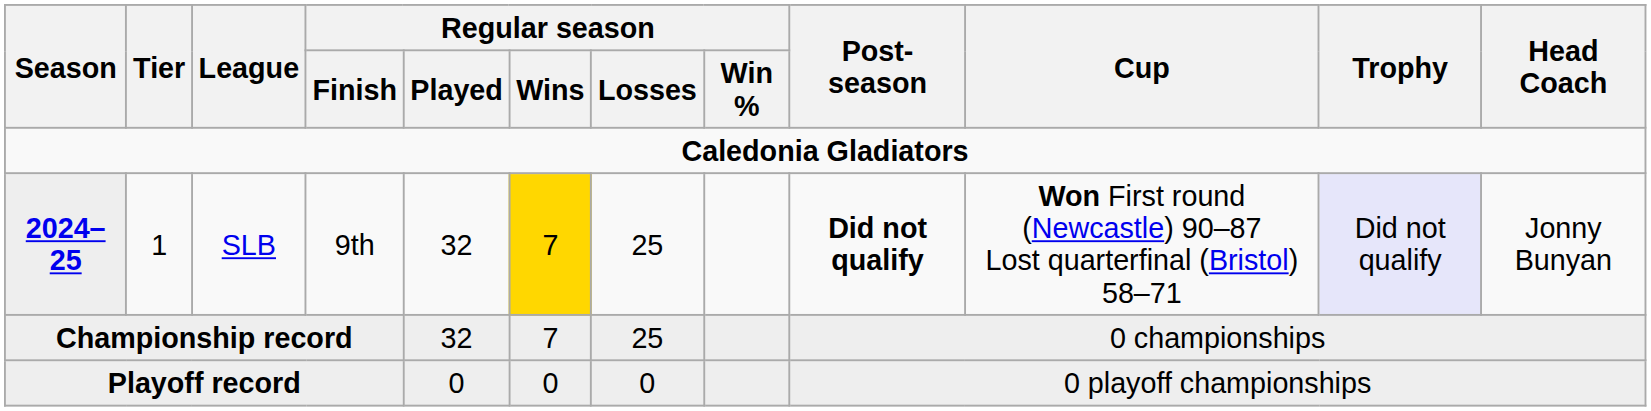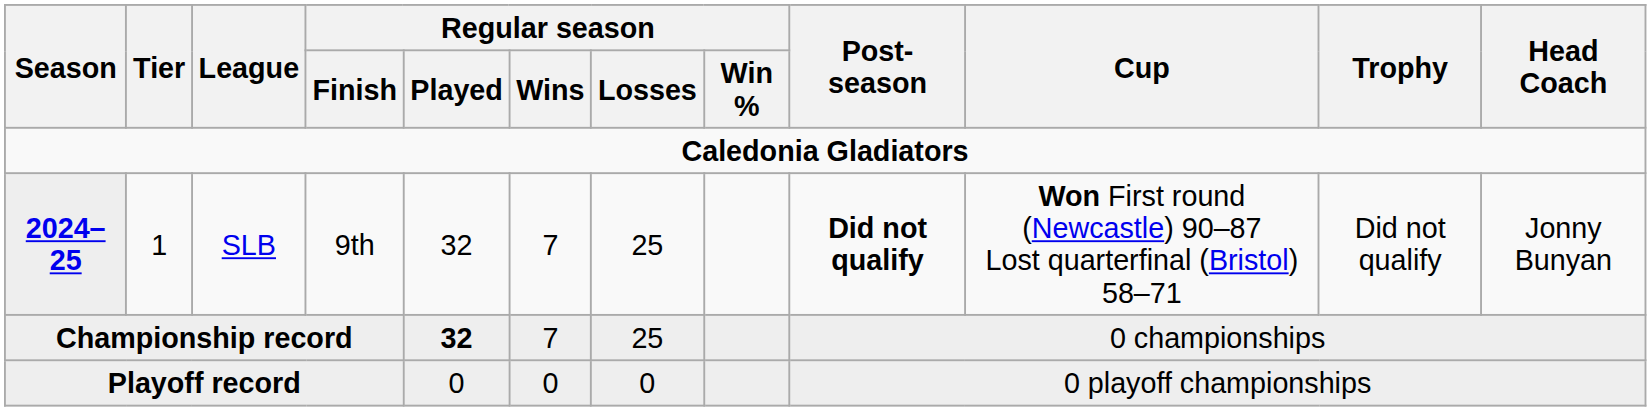 <table class="wikitable" style="font-size:95%; text-align:center">
 <tr>
 <th rowspan=2>Season</th>
 <th rowspan=2>Tier</th>
 <th rowspan=2>League</th>
 <th colspan=5>Regular season</th>
 <th rowspan=2>Post-season</th>
 <th rowspan=2>Cup</th>
 <th rowspan=2>Trophy</th>
 <th rowspan=2>Head Coach</th>
 </tr>
 <tr>
 <th>Finish</th>
 <th>Played</th>
 <th>Wins</th>
 <th>Losses</th>
 <th>Win %</th>
 </tr>
 <tr>
 <td colspan="12" align="center"><strong>Caledonia Gladiators</strong></td>
 </tr>
 <tr>
 <th style="background:#eee;"><a href='#'>2024–25</a></th>
 <td style="text-align:center;">1</td>
 <td style="text-align:center;"><a href='#'>SLB</a></td>
 <td style="text-align:center;background-color:#;">9th</td>
 <td style="text-align:center;">32</td>
-<td style="background: gold; text-align:center;">7</td>
+<td style="text-align:center;">7</td>
 <td style="text-align:center;">25</td>
 <td style="text-align:center;"></td>
 <td style="text-align:center;background-color:#;"><strong>Did not qualify</strong></td>
 <td style="text-align:center;"><strong>Won</strong> First round (<a href='#'>Newcastle</a>) 90–87<br>Lost quarterfinal (<a href='#'>Bristol</a>) 58–71</td>
-<td style="background: lavender; text-align:center;">Did not qualify</td>
+<td style="text-align:center;">Did not qualify</td>
 <td style="text-align:center;">Jonny Bunyan</td>
 </tr>
 <tr>
 <th colspan=4 style="background:#eee;">Championship record</th>
-<td style="background:#eee;">32</td>
+<td style="background:#eee;"><strong>32</strong></td>
 <td style="background:#eee;">7</td>
 <td style="background:#eee;">25</td>
 <td style="background:#eee;"></td>
 <td colspan="4" style="background:#eee;">0 championships</td>
 </tr>
 <tr>
 <th colspan=4 style="background:#eee;">Playoff record</th>
 <td style="background:#eee;">0</td>
 <td style="background:#eee;">0</td>
 <td style="background:#eee;">0</td>
 <td style="background:#eee;"></td>
 <td colspan="4" style="background:#eee;">0 playoff championships</td>
 </tr>
 </table>
